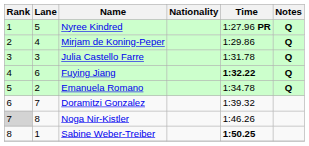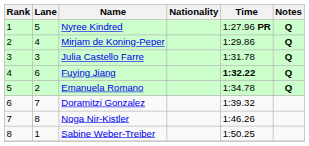 <table class="wikitable">
 <tr>
 <th>Rank</th>
 <th>Lane</th>
 <th>Name</th>
 <th>Nationality</th>
 <th>Time</th>
 <th>Notes</th>
 </tr>
 <tr style="background:#CCFFCC;">
 <td>1</td>
 <td>5</td>
 <td><a href='#'>Nyree Kindred</a></td>
 <td></td>
 <td>1:27.96 <strong>PR</strong></td>
 <td style="text-align:center;"><strong>Q</strong></td>
 </tr>
 <tr style="background:#CCFFCC;">
 <td>2</td>
 <td>4</td>
 <td><a href='#'>Mirjam de Koning-Peper</a></td>
 <td></td>
 <td>1:29.86</td>
 <td style="text-align:center;"><strong>Q</strong></td>
 </tr>
 <tr style="background:#CCFFCC;">
 <td>3</td>
 <td>3</td>
 <td><a href='#'>Julia Castello Farre</a></td>
 <td></td>
 <td>1:31.78</td>
 <td style="text-align:center;"><strong>Q</strong></td>
 </tr>
 <tr style="background:#CCFFCC;">
 <td>4</td>
 <td>6</td>
 <td><a href='#'>Fuying Jiang</a></td>
 <td></td>
 <td><strong>1:32.22</strong></td>
 <td style="text-align:center;"><strong>Q</strong></td>
 </tr>
 <tr style="background:#CCFFCC;">
 <td>5</td>
 <td>2</td>
 <td><a href='#'>Emanuela Romano</a></td>
 <td></td>
 <td>1:34.78</td>
 <td style="text-align:center;"><strong>Q</strong></td>
 </tr>
 <tr>
 <td>6</td>
 <td>7</td>
 <td><a href='#'>Doramitzi Gonzalez</a></td>
 <td></td>
 <td>1:39.32</td>
 <td></td>
 </tr>
 <tr>
-<td style="background: lightgrey;">7</td>
+<td>7</td>
 <td>8</td>
 <td><a href='#'>Noga Nir-Kistler</a></td>
 <td></td>
 <td>1:46.26</td>
 <td></td>
 </tr>
 <tr>
 <td>8</td>
 <td>1</td>
 <td><a href='#'>Sabine Weber-Treiber</a></td>
 <td></td>
-<td><strong>1:50.25</strong></td>
+<td>1:50.25</td>
 <td></td>
 </tr>
 <tr>
 </tr>
 </table>
